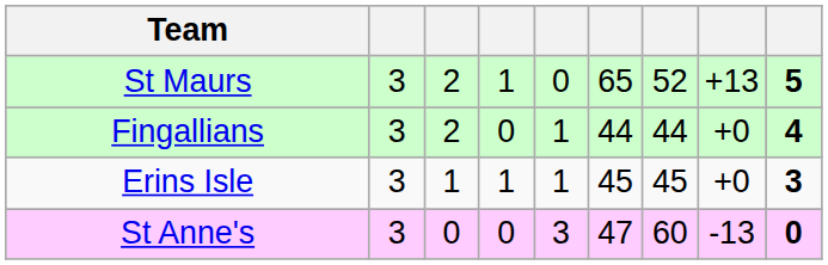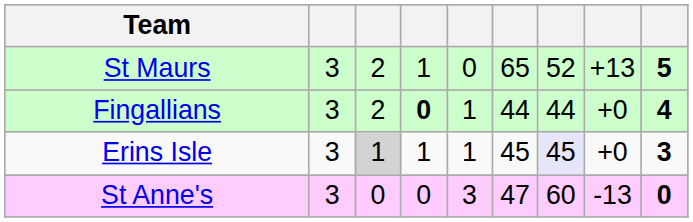 <table class="wikitable" style="text-align:center">
 <tr>
 <th style="width:175px;">Team</th>
 <th width="20"></th>
 <th width="20"></th>
 <th width="20"></th>
 <th width="20"></th>
 <th width="20"></th>
 <th width="20"></th>
 <th width="20"></th>
 <th width="20"></th>
 </tr>
 <tr style="background:#cfc;">
 <td><a href='#'>St Maurs</a></td>
 <td>3</td>
 <td>2</td>
 <td>1</td>
 <td>0</td>
 <td>65</td>
 <td>52</td>
 <td>+13</td>
 <td><strong>5</strong></td>
 </tr>
 <tr style="background:#cfc;">
 <td><a href='#'>Fingallians</a></td>
 <td>3</td>
 <td>2</td>
-<td>0</td>
+<td><strong>0</strong></td>
 <td>1</td>
 <td>44</td>
 <td>44</td>
 <td>+0</td>
 <td><strong>4</strong></td>
 </tr>
 <tr>
 <td><a href='#'>Erins Isle</a></td>
 <td>3</td>
-<td>1</td>
+<td style="background: lightgrey;">1</td>
 <td>1</td>
 <td>1</td>
 <td>45</td>
-<td>45</td>
+<td style="background: lavender;">45</td>
 <td>+0</td>
 <td><strong>3</strong></td>
 </tr>
 <tr style="background:#fcf;">
 <td><a href='#'>St Anne's</a></td>
 <td>3</td>
 <td>0</td>
 <td>0</td>
 <td>3</td>
 <td>47</td>
 <td>60</td>
 <td>-13</td>
 <td><strong>0</strong></td>
 </tr>
 </table>
